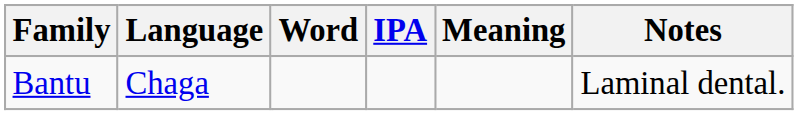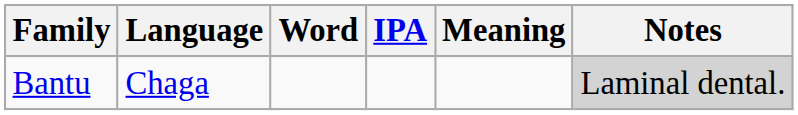 <table class="wikitable">
 <tr>
 <th>Family</th>
 <th colspan=2>Language</th>
 <th>Word</th>
 <th><a href='#'>IPA</a></th>
 <th>Meaning</th>
 <th>Notes</th>
 </tr>
 <tr>
 <td><a href='#'>Bantu</a></td>
 <td colspan=2><a href='#'>Chaga</a></td>
 <td></td>
 <td></td>
 <td></td>
-<td>Laminal dental.</td>
+<td style="background: lightgrey;">Laminal dental.</td>
 </tr>
 </table>
